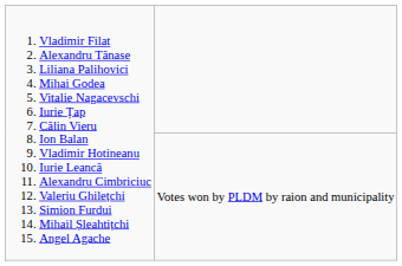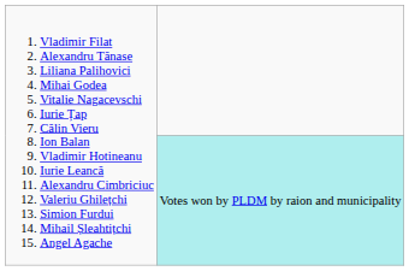 <table class=wikitable>
 <tr>
 <td valign=top rowspan=2><br><ol><li><a href='#'>Vladimir Filat</a></li><li><a href='#'>Alexandru Tănase</a></li><li><a href='#'>Liliana Palihovici</a></li><li><a href='#'>Mihai Godea</a></li><li><a href='#'>Vitalie Nagacevschi</a></li><li><a href='#'>Iurie Țap</a></li><li><a href='#'>Călin Vieru</a></li><li><a href='#'>Ion Balan</a></li><li><a href='#'>Vladimir Hotineanu</a></li><li><a href='#'>Iurie Leancă</a></li><li><a href='#'>Alexandru Cimbriciuc</a></li><li><a href='#'>Valeriu Ghilețchi</a></li><li><a href='#'>Simion Furdui</a></li><li><a href='#'>Mihail Șleahtițchi</a></li><li><a href='#'>Angel Agache</a></li></ol></td>
 <td><br></td>
 </tr>
 <tr>
-<td align=center>Votes won by <a href='#'>PLDM</a> by raion and municipality</td>
+<td align=center style="background: paleturquoise;">Votes won by <a href='#'>PLDM</a> by raion and municipality</td>
 </tr>
 </table>
